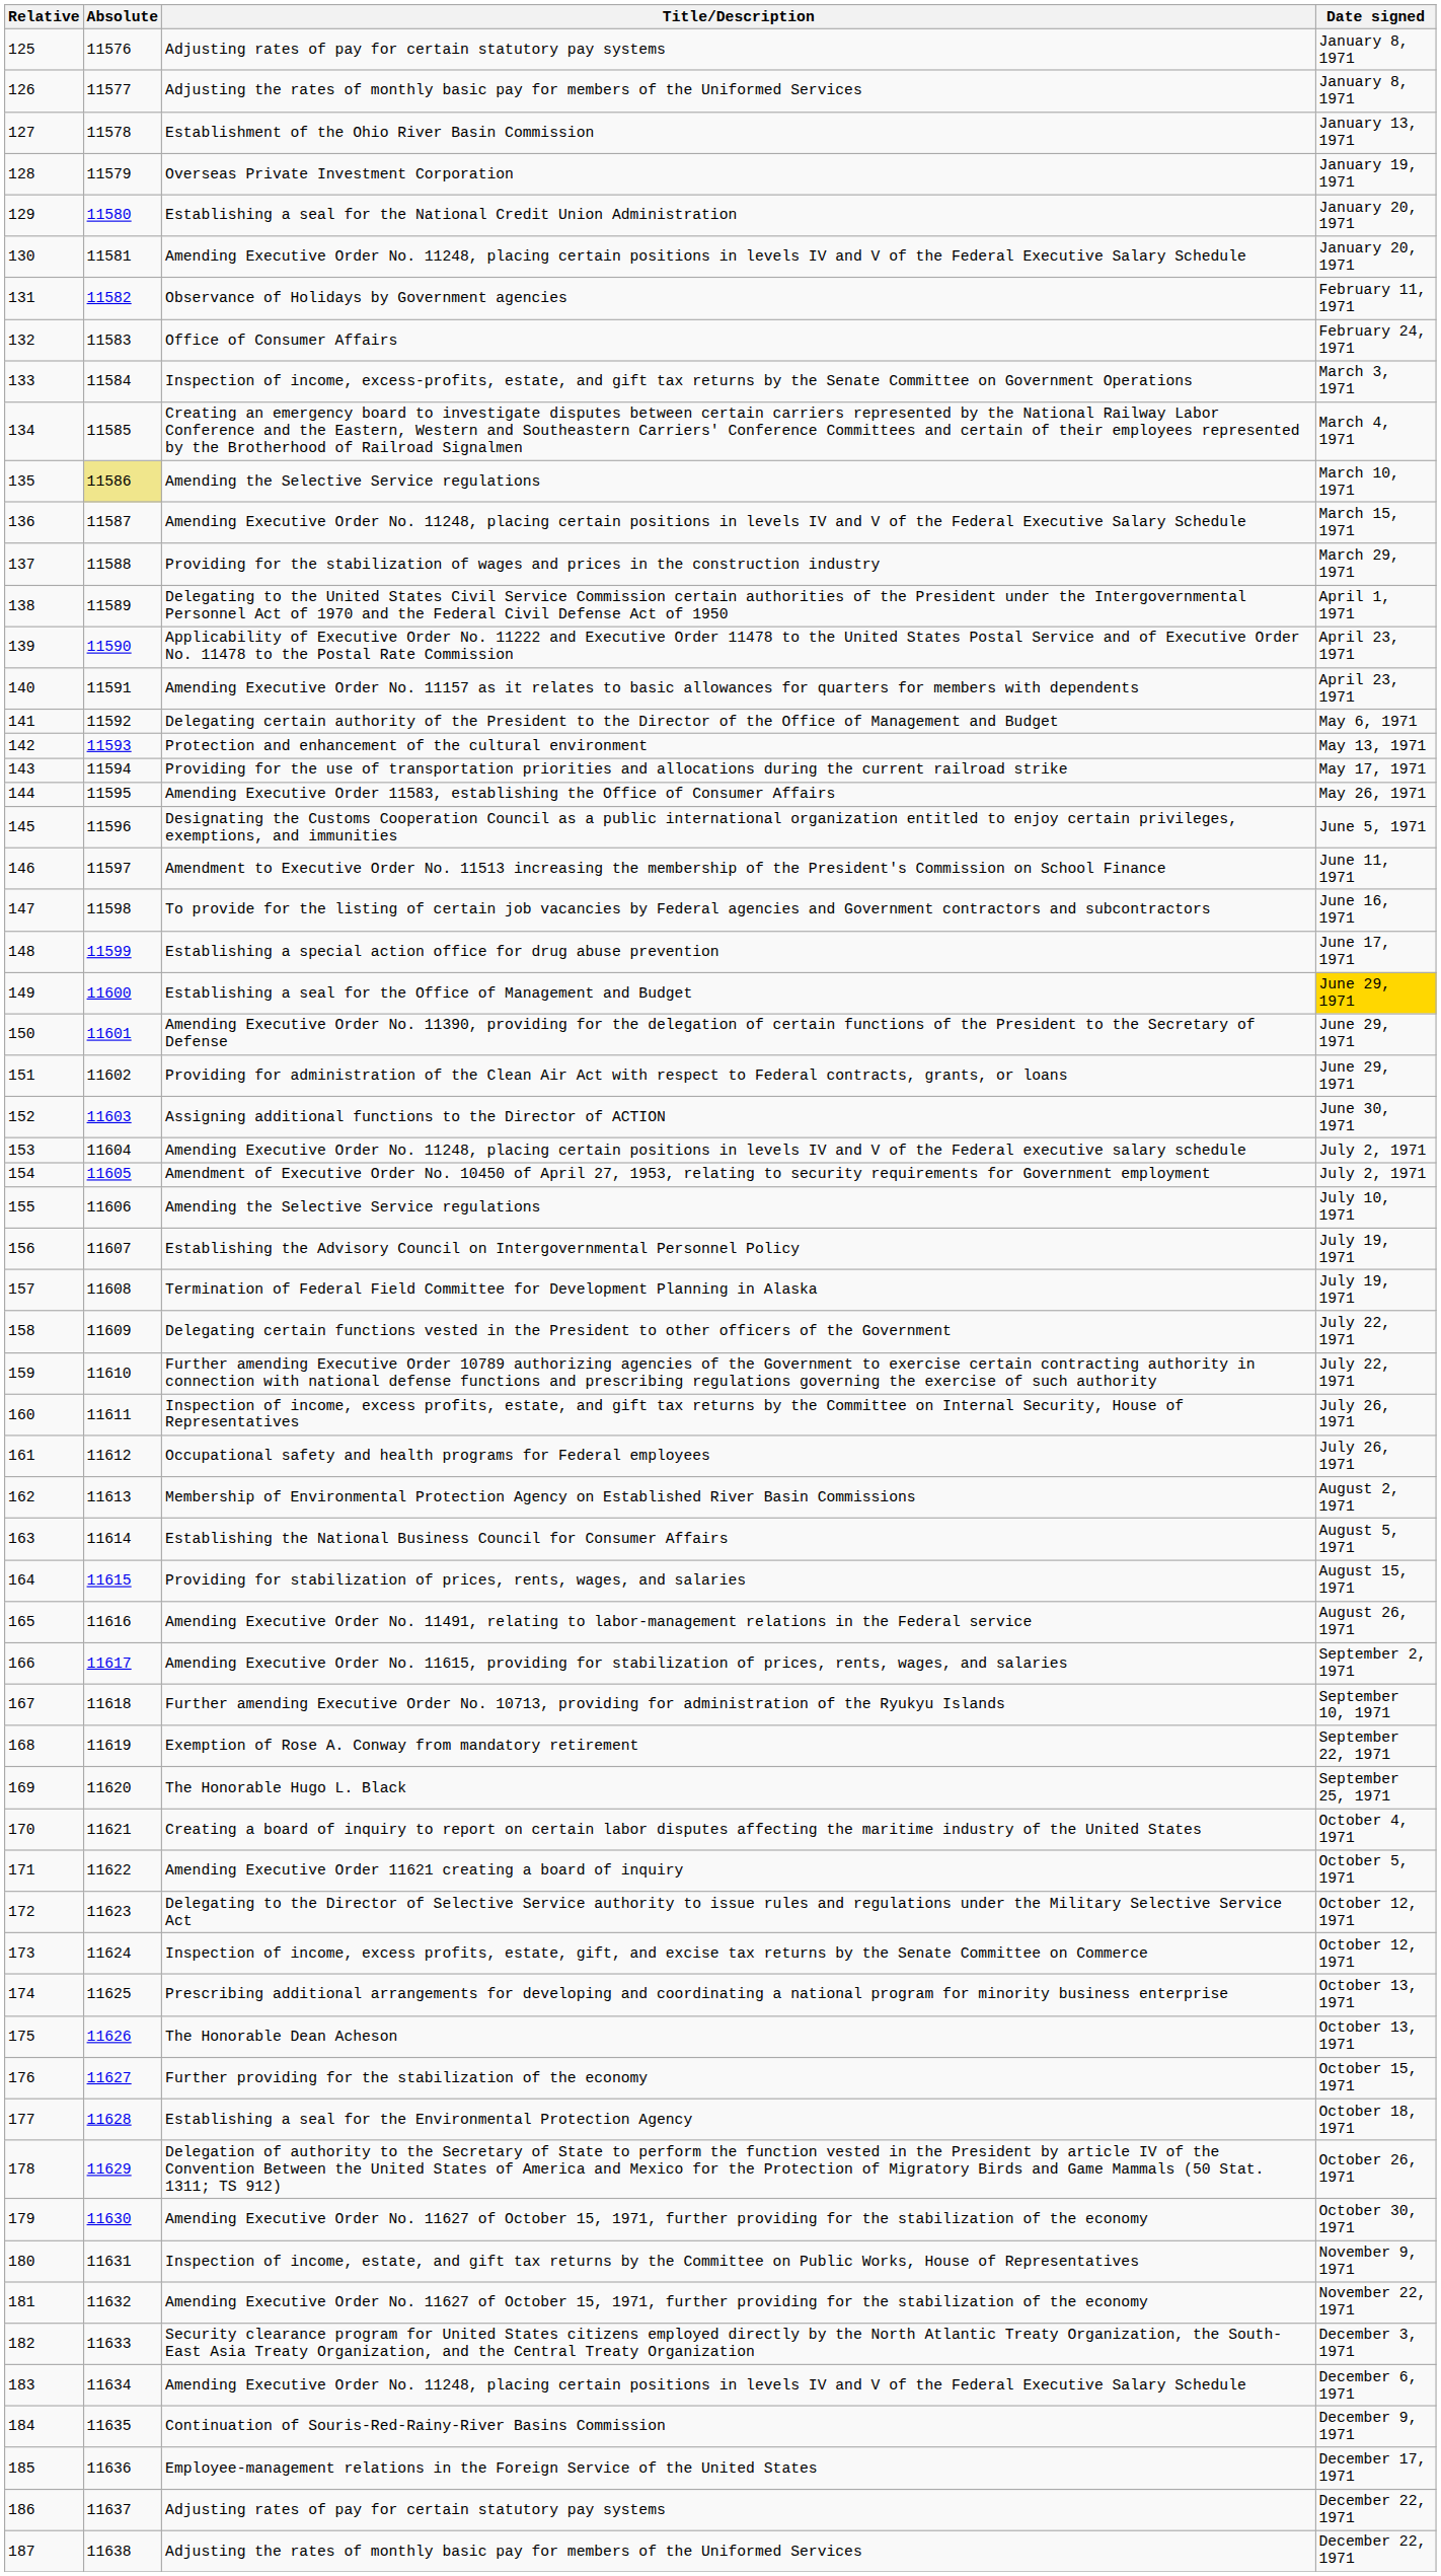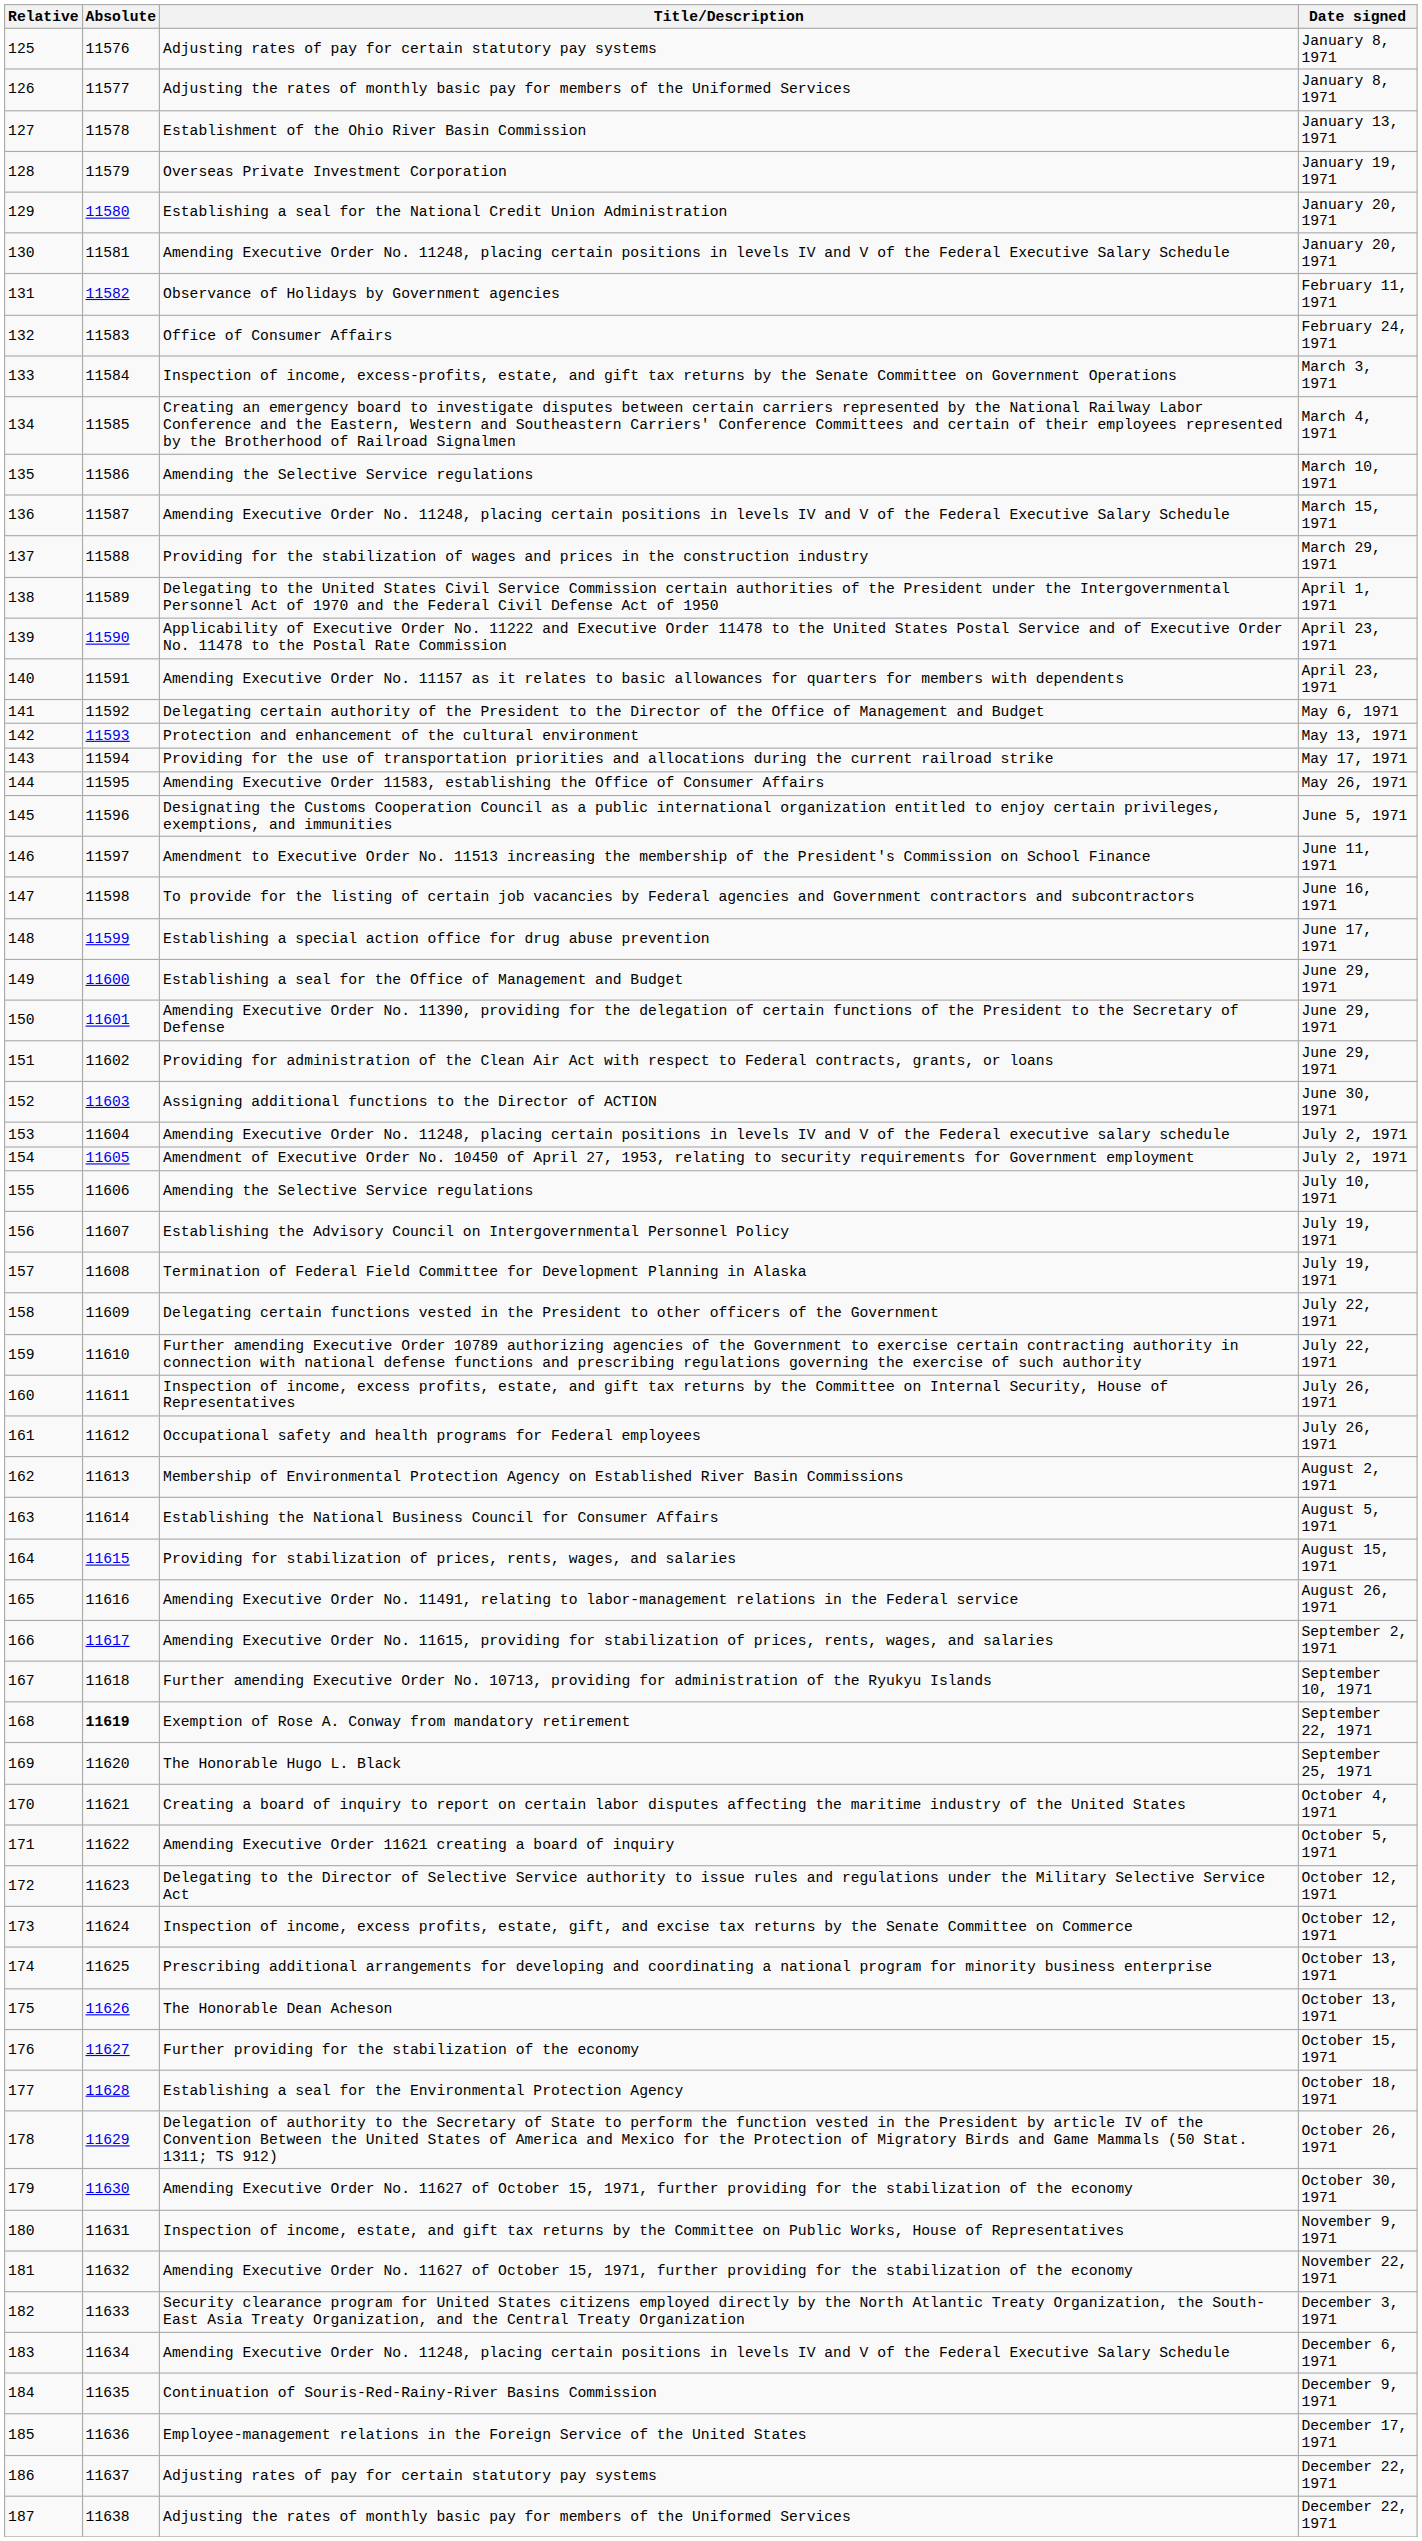 <table class="wikitable">
 <tr>
 <th>Relative </th>
 <th>Absolute </th>
 <th>Title/Description</th>
 <th>Date signed</th>
 </tr>
 <tr>
 <td>125</td>
 <td>11576</td>
 <td>Adjusting rates of pay for certain statutory pay systems</td>
 <td>January 8, 1971</td>
 </tr>
 <tr>
 <td>126</td>
 <td>11577</td>
 <td>Adjusting the rates of monthly basic pay for members of the Uniformed Services</td>
 <td>January 8, 1971</td>
 </tr>
 <tr>
 <td>127</td>
 <td>11578</td>
 <td>Establishment of the Ohio River Basin Commission</td>
 <td>January 13, 1971</td>
 </tr>
 <tr>
 <td>128</td>
 <td>11579</td>
 <td>Overseas Private Investment Corporation</td>
 <td>January 19, 1971</td>
 </tr>
 <tr>
 <td>129</td>
 <td><a href='#'>11580</a></td>
 <td>Establishing a seal for the National Credit Union Administration</td>
 <td>January 20, 1971</td>
 </tr>
 <tr>
 <td>130</td>
 <td>11581</td>
 <td>Amending Executive Order No. 11248, placing certain positions in levels IV and V of the Federal Executive Salary Schedule</td>
 <td>January 20, 1971</td>
 </tr>
 <tr>
 <td>131</td>
 <td><a href='#'>11582</a></td>
 <td>Observance of Holidays by Government agencies</td>
 <td>February 11, 1971</td>
 </tr>
 <tr>
 <td>132</td>
 <td>11583</td>
 <td>Office of Consumer Affairs</td>
 <td>February 24, 1971</td>
 </tr>
 <tr>
 <td>133</td>
 <td>11584</td>
 <td>Inspection of income, excess-profits, estate, and gift tax returns by the Senate Committee on Government Operations</td>
 <td>March 3, 1971</td>
 </tr>
 <tr>
 <td>134</td>
 <td>11585</td>
 <td>Creating an emergency board to investigate disputes between certain carriers represented by the National Railway Labor Conference and the Eastern, Western and Southeastern Carriers' Conference Committees and certain of their employees represented by the Brotherhood of Railroad Signalmen</td>
 <td>March 4, 1971</td>
 </tr>
 <tr>
 <td>135</td>
-<td style="background: khaki;">11586</td>
+<td>11586</td>
 <td>Amending the Selective Service regulations</td>
 <td>March 10, 1971</td>
 </tr>
 <tr>
 <td>136</td>
 <td>11587</td>
 <td>Amending Executive Order No. 11248, placing certain positions in levels IV and V of the Federal Executive Salary Schedule</td>
 <td>March 15, 1971</td>
 </tr>
 <tr>
 <td>137</td>
 <td>11588</td>
 <td>Providing for the stabilization of wages and prices in the construction industry</td>
 <td>March 29, 1971</td>
 </tr>
 <tr>
 <td>138</td>
 <td>11589</td>
 <td>Delegating to the United States Civil Service Commission certain authorities of the President under the Intergovernmental Personnel Act of 1970 and the Federal Civil Defense Act of 1950</td>
 <td>April 1, 1971</td>
 </tr>
 <tr>
 <td>139</td>
 <td><a href='#'>11590</a></td>
 <td>Applicability of Executive Order No. 11222 and Executive Order 11478 to the United States Postal Service and of Executive Order No. 11478 to the Postal Rate Commission</td>
 <td>April 23, 1971</td>
 </tr>
 <tr>
 <td>140</td>
 <td>11591</td>
 <td>Amending Executive Order No. 11157 as it relates to basic allowances for quarters for members with dependents</td>
 <td>April 23, 1971</td>
 </tr>
 <tr>
 <td>141</td>
 <td>11592</td>
 <td>Delegating certain authority of the President to the Director of the Office of Management and Budget</td>
 <td>May 6, 1971</td>
 </tr>
 <tr>
 <td>142</td>
 <td><a href='#'>11593</a></td>
 <td>Protection and enhancement of the cultural environment</td>
 <td>May 13, 1971</td>
 </tr>
 <tr>
 <td>143</td>
 <td>11594</td>
 <td>Providing for the use of transportation priorities and allocations during the current railroad strike</td>
 <td>May 17, 1971</td>
 </tr>
 <tr>
 <td>144</td>
 <td>11595</td>
 <td>Amending Executive Order 11583, establishing the Office of Consumer Affairs</td>
 <td>May 26, 1971</td>
 </tr>
 <tr>
 <td>145</td>
 <td>11596</td>
 <td>Designating the Customs Cooperation Council as a public international organization entitled to enjoy certain privileges, exemptions, and immunities</td>
 <td>June 5, 1971</td>
 </tr>
 <tr>
 <td>146</td>
 <td>11597</td>
 <td>Amendment to Executive Order No. 11513 increasing the membership of the President's Commission on School Finance</td>
 <td>June 11, 1971</td>
 </tr>
 <tr>
 <td>147</td>
 <td>11598</td>
 <td>To provide for the listing of certain job vacancies by Federal agencies and Government contractors and subcontractors</td>
 <td>June 16, 1971</td>
 </tr>
 <tr>
 <td>148</td>
 <td><a href='#'>11599</a></td>
 <td>Establishing a special action office for drug abuse prevention</td>
 <td>June 17, 1971</td>
 </tr>
 <tr>
 <td>149</td>
 <td><a href='#'>11600</a></td>
 <td>Establishing a seal for the Office of Management and Budget</td>
-<td style="background: gold;">June 29, 1971</td>
+<td>June 29, 1971</td>
 </tr>
 <tr>
 <td>150</td>
 <td><a href='#'>11601</a></td>
 <td>Amending Executive Order No. 11390, providing for the delegation of certain functions of the President to the Secretary of Defense</td>
 <td>June 29, 1971</td>
 </tr>
 <tr>
 <td>151</td>
 <td>11602</td>
 <td>Providing for administration of the Clean Air Act with respect to Federal contracts, grants, or loans</td>
 <td>June 29, 1971</td>
 </tr>
 <tr>
 <td>152</td>
 <td><a href='#'>11603</a></td>
 <td>Assigning additional functions to the Director of ACTION</td>
 <td>June 30, 1971</td>
 </tr>
 <tr>
 <td>153</td>
 <td>11604</td>
 <td>Amending Executive Order No. 11248, placing certain positions in levels IV and V of the Federal executive salary schedule</td>
 <td>July 2, 1971</td>
 </tr>
 <tr>
 <td>154</td>
 <td><a href='#'>11605</a></td>
 <td>Amendment of Executive Order No. 10450 of April 27, 1953, relating to security requirements for Government employment</td>
 <td>July 2, 1971</td>
 </tr>
 <tr>
 <td>155</td>
 <td>11606</td>
 <td>Amending the Selective Service regulations</td>
 <td>July 10, 1971</td>
 </tr>
 <tr>
 <td>156</td>
 <td>11607</td>
 <td>Establishing the Advisory Council on Intergovernmental Personnel Policy</td>
 <td>July 19, 1971</td>
 </tr>
 <tr>
 <td>157</td>
 <td>11608</td>
 <td>Termination of Federal Field Committee for Development Planning in Alaska</td>
 <td>July 19, 1971</td>
 </tr>
 <tr>
 <td>158</td>
 <td>11609</td>
 <td>Delegating certain functions vested in the President to other officers of the Government</td>
 <td>July 22, 1971</td>
 </tr>
 <tr>
 <td>159</td>
 <td>11610</td>
 <td>Further amending Executive Order 10789 authorizing agencies of the Government to exercise certain contracting authority in connection with national defense functions and prescribing regulations governing the exercise of such authority</td>
 <td>July 22, 1971</td>
 </tr>
 <tr>
 <td>160</td>
 <td>11611</td>
 <td>Inspection of income, excess profits, estate, and gift tax returns by the Committee on Internal Security, House of Representatives</td>
 <td>July 26, 1971</td>
 </tr>
 <tr>
 <td>161</td>
 <td>11612</td>
 <td>Occupational safety and health programs for Federal employees</td>
 <td>July 26, 1971</td>
 </tr>
 <tr>
 <td>162</td>
 <td>11613</td>
 <td>Membership of Environmental Protection Agency on Established River Basin Commissions</td>
 <td>August 2, 1971</td>
 </tr>
 <tr>
 <td>163</td>
 <td>11614</td>
 <td>Establishing the National Business Council for Consumer Affairs</td>
 <td>August 5, 1971</td>
 </tr>
 <tr>
 <td>164</td>
 <td><a href='#'>11615</a></td>
 <td>Providing for stabilization of prices, rents, wages, and salaries</td>
 <td>August 15, 1971</td>
 </tr>
 <tr>
 <td>165</td>
 <td>11616</td>
 <td>Amending Executive Order No. 11491, relating to labor-management relations in the Federal service</td>
 <td>August 26, 1971</td>
 </tr>
 <tr>
 <td>166</td>
 <td><a href='#'>11617</a></td>
 <td>Amending Executive Order No. 11615, providing for stabilization of prices, rents, wages, and salaries</td>
 <td>September 2, 1971</td>
 </tr>
 <tr>
 <td>167</td>
 <td>11618</td>
 <td>Further amending Executive Order No. 10713, providing for administration of the Ryukyu Islands</td>
 <td>September 10, 1971</td>
 </tr>
 <tr>
 <td>168</td>
-<td>11619</td>
+<td><strong>11619</strong></td>
 <td>Exemption of Rose A. Conway from mandatory retirement</td>
 <td>September 22, 1971</td>
 </tr>
 <tr>
 <td>169</td>
 <td>11620</td>
 <td>The Honorable Hugo L. Black</td>
 <td>September 25, 1971</td>
 </tr>
 <tr>
 <td>170</td>
 <td>11621</td>
 <td>Creating a board of inquiry to report on certain labor disputes affecting the maritime industry of the United States</td>
 <td>October 4, 1971</td>
 </tr>
 <tr>
 <td>171</td>
 <td>11622</td>
 <td>Amending Executive Order 11621 creating a board of inquiry</td>
 <td>October 5, 1971</td>
 </tr>
 <tr>
 <td>172</td>
 <td>11623</td>
 <td>Delegating to the Director of Selective Service authority to issue rules and regulations under the Military Selective Service Act</td>
 <td>October 12, 1971</td>
 </tr>
 <tr>
 <td>173</td>
 <td>11624</td>
 <td>Inspection of income, excess profits, estate, gift, and excise tax returns by the Senate Committee on Commerce</td>
 <td>October 12, 1971</td>
 </tr>
 <tr>
 <td>174</td>
 <td>11625</td>
 <td>Prescribing additional arrangements for developing and coordinating a national program for minority business enterprise</td>
 <td>October 13, 1971</td>
 </tr>
 <tr>
 <td>175</td>
 <td><a href='#'>11626</a></td>
 <td>The Honorable Dean Acheson</td>
 <td>October 13, 1971</td>
 </tr>
 <tr>
 <td>176</td>
 <td><a href='#'>11627</a></td>
 <td>Further providing for the stabilization of the economy</td>
 <td>October 15, 1971</td>
 </tr>
 <tr>
 <td>177</td>
 <td><a href='#'>11628</a></td>
 <td>Establishing a seal for the Environmental Protection Agency</td>
 <td>October 18, 1971</td>
 </tr>
 <tr>
 <td>178</td>
 <td><a href='#'>11629</a></td>
 <td>Delegation of authority to the Secretary of State to perform the function vested in the President by article IV of the Convention Between the United States of America and Mexico for the Protection of Migratory Birds and Game Mammals (50 Stat. 1311; TS 912)</td>
 <td>October 26, 1971</td>
 </tr>
 <tr>
 <td>179</td>
 <td><a href='#'>11630</a></td>
 <td>Amending Executive Order No. 11627 of October 15, 1971, further providing for the stabilization of the economy</td>
 <td>October 30, 1971</td>
 </tr>
 <tr>
 <td>180</td>
 <td>11631</td>
 <td>Inspection of income, estate, and gift tax returns by the Committee on Public Works, House of Representatives</td>
 <td>November 9, 1971</td>
 </tr>
 <tr>
 <td>181</td>
 <td>11632</td>
 <td>Amending Executive Order No. 11627 of October 15, 1971, further providing for the stabilization of the economy</td>
 <td>November 22, 1971</td>
 </tr>
 <tr>
 <td>182</td>
 <td>11633</td>
 <td>Security clearance program for United States citizens employed directly by the North Atlantic Treaty Organization, the South-East Asia Treaty Organization, and the Central Treaty Organization</td>
 <td>December 3, 1971</td>
 </tr>
 <tr>
 <td>183</td>
 <td>11634</td>
 <td>Amending Executive Order No. 11248, placing certain positions in levels IV and V of the Federal Executive Salary Schedule</td>
 <td>December 6, 1971</td>
 </tr>
 <tr>
 <td>184</td>
 <td>11635</td>
 <td>Continuation of Souris-Red-Rainy-River Basins Commission</td>
 <td>December 9, 1971</td>
 </tr>
 <tr>
 <td>185</td>
 <td>11636</td>
 <td>Employee-management relations in the Foreign Service of the United States</td>
 <td>December 17, 1971</td>
 </tr>
 <tr>
 <td>186</td>
 <td>11637</td>
 <td>Adjusting rates of pay for certain statutory pay systems</td>
 <td>December 22, 1971</td>
 </tr>
 <tr>
 <td>187</td>
 <td>11638</td>
 <td>Adjusting the rates of monthly basic pay for members of the Uniformed Services</td>
 <td>December 22, 1971</td>
 </tr>
 </table>
